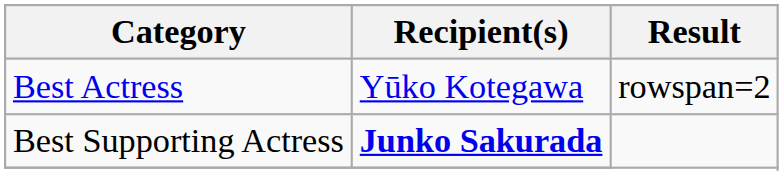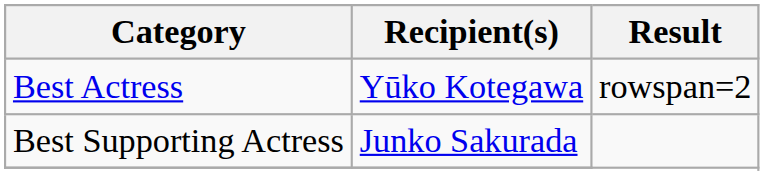 <table class="wikitable plainrowheaders sortable">
 <tr style="background:#ccc; text-align:center;">
 <th scope="col">Category</th>
 <th scope="col">Recipient(s)</th>
 <th scope="col">Result</th>
 </tr>
 <tr>
 <td><a href='#'>Best Actress</a></td>
 <td><a href='#'>Yūko Kotegawa</a></td>
 <td>rowspan=2 </td>
 </tr>
 <tr>
 <td>Best Supporting Actress</td>
-<td><strong><a href='#'>Junko Sakurada</a></strong></td>
+<td><a href='#'>Junko Sakurada</a></td>
 </tr>
 <tr>
 </tr>
 </table>
